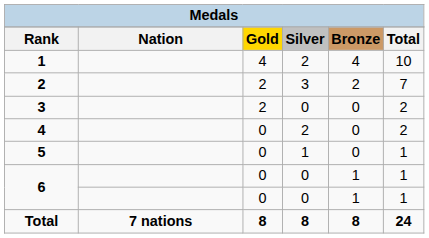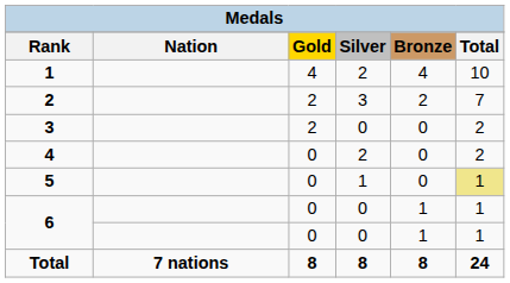 <table class="wikitable" style="text-align:center">
 <tr>
 <td colspan="6" style="background:#BCD4E6"><strong>Medals</strong></td>
 </tr>
 <tr>
 </tr>
 <tr style="background-color:#EDEDED;">
 <th width="75px" class="hintergrundfarbe5">Rank</th>
 <th width="175px" class="hintergrundfarbe6">Nation</th>
 <th style="background:    gold; width:35px ">Gold</th>
 <th style="background:  silver; width:35px ">Silver</th>
 <th style="background: #CC9966; width:35px ">Bronze</th>
 <th width="35px">Total</th>
 </tr>
 <tr>
 <td><strong>1</strong></td>
 <td align=left></td>
 <td>4</td>
 <td>2</td>
 <td>4</td>
 <td>10</td>
 </tr>
 <tr>
 <td><strong>2</strong></td>
 <td align=left></td>
 <td>2</td>
 <td>3</td>
 <td>2</td>
 <td>7</td>
 </tr>
 <tr>
 <td><strong>3</strong></td>
 <td align=left></td>
 <td>2</td>
 <td>0</td>
 <td>0</td>
 <td>2</td>
 </tr>
 <tr>
 <td><strong>4</strong></td>
 <td align=left></td>
 <td>0</td>
 <td>2</td>
 <td>0</td>
 <td>2</td>
 </tr>
 <tr>
 <td><strong>5</strong></td>
 <td align=left></td>
 <td>0</td>
 <td>1</td>
 <td>0</td>
-<td>1</td>
+<td style="background: khaki;">1</td>
 </tr>
 <tr>
 <td rowspan="2"><strong>6</strong></td>
 <td align=left></td>
 <td>0</td>
 <td>0</td>
 <td>1</td>
 <td>1</td>
 </tr>
 <tr>
 <td align=left></td>
 <td>0</td>
 <td>0</td>
 <td>1</td>
 <td>1</td>
 </tr>
 <tr>
 <td><strong>Total</strong></td>
 <td><strong>7 nations</strong></td>
 <td><strong>8</strong></td>
 <td><strong>8</strong></td>
 <td><strong>8</strong></td>
 <td><strong>24</strong></td>
 </tr>
 </table>
